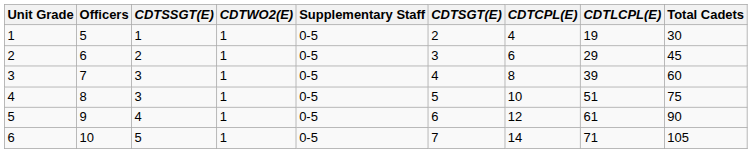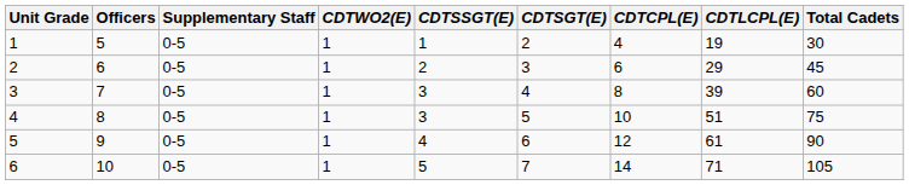 <table class="wikitable">
 <tr>
 <th>Unit Grade</th>
 <th>Officers</th>
+<th>Supplementary Staff</th>
+<th><em>CDTWO2(E)</em></th>
 <th><em>CDTSSGT(E)</em></th>
-<th><em>CDTWO2(E)</em></th>
-<th>Supplementary Staff</th>
 <th><em>CDTSGT(E)</em></th>
 <th><em>CDTCPL(E)</em></th>
 <th><em>CDTLCPL(E)</em></th>
 <th>Total Cadets</th>
 </tr>
 <tr>
 <td>1</td>
 <td>5</td>
+<td>0-5</td>
 <td>1</td>
 <td>1</td>
-<td>0-5</td>
 <td>2</td>
 <td>4</td>
 <td>19</td>
 <td>30</td>
 </tr>
 <tr>
 <td>2</td>
 <td>6</td>
+<td>0-5</td>
+<td>1</td>
 <td>2</td>
-<td>1</td>
-<td>0-5</td>
 <td>3</td>
 <td>6</td>
 <td>29</td>
 <td>45</td>
 </tr>
 <tr>
 <td>3</td>
 <td>7</td>
+<td>0-5</td>
+<td>1</td>
 <td>3</td>
-<td>1</td>
-<td>0-5</td>
 <td>4</td>
 <td>8</td>
 <td>39</td>
 <td>60</td>
 </tr>
 <tr>
 <td>4</td>
 <td>8</td>
+<td>0-5</td>
+<td>1</td>
 <td>3</td>
-<td>1</td>
-<td>0-5</td>
 <td>5</td>
 <td>10</td>
 <td>51</td>
 <td>75</td>
 </tr>
 <tr>
 <td>5</td>
 <td>9</td>
+<td>0-5</td>
+<td>1</td>
 <td>4</td>
-<td>1</td>
-<td>0-5</td>
 <td>6</td>
 <td>12</td>
 <td>61</td>
 <td>90</td>
 </tr>
 <tr>
 <td>6</td>
 <td>10</td>
+<td>0-5</td>
+<td>1</td>
 <td>5</td>
-<td>1</td>
-<td>0-5</td>
 <td>7</td>
 <td>14</td>
 <td>71</td>
 <td>105</td>
 </tr>
 </table>
